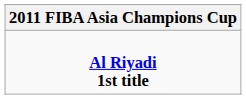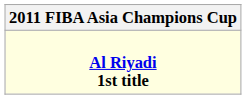 <table class=wikitable style="text-align:center; margin:auto">
 <tr>
 <th>2011 FIBA Asia Champions Cup</th>
 </tr>
 <tr>
-<td><br><strong><a href='#'>Al Riyadi</a></strong><br><strong>1st title</strong></td>
+<td style="background: lightyellow;"><br><strong><a href='#'>Al Riyadi</a></strong><br><strong>1st title</strong></td>
 </tr>
 </table>
